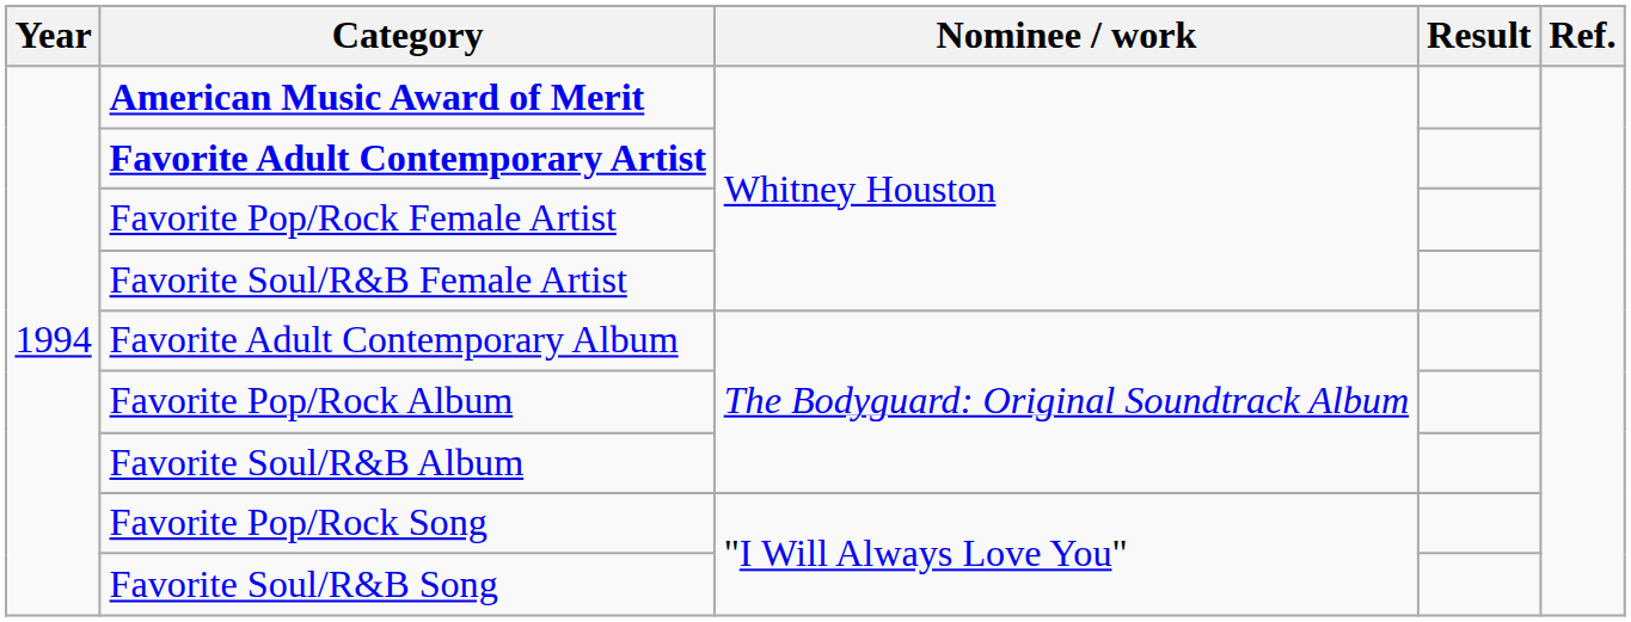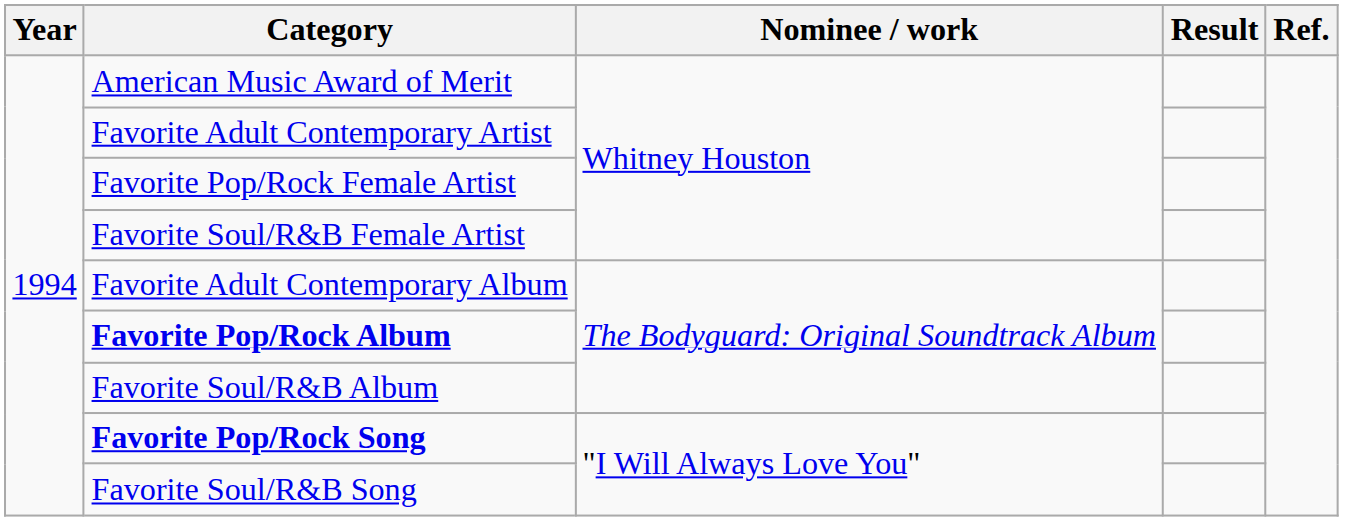 <table class="wikitable">
 <tr>
 <th>Year</th>
 <th>Category</th>
 <th>Nominee / work</th>
 <th>Result</th>
 <th>Ref.</th>
 </tr>
 <tr>
 <td rowspan="9"><a href='#'>1994</a></td>
-<td><strong><a href='#'>American Music Award of Merit</a></strong></td>
+<td><a href='#'>American Music Award of Merit</a></td>
 <td rowspan="4"><a href='#'>Whitney Houston</a></td>
 <td></td>
 <td rowspan="9" align="center"></td>
 </tr>
 <tr>
-<td><strong><a href='#'>Favorite Adult Contemporary Artist</a></strong></td>
+<td><a href='#'>Favorite Adult Contemporary Artist</a></td>
 <td></td>
 </tr>
 <tr>
 <td><a href='#'>Favorite Pop/Rock Female Artist</a></td>
 <td></td>
 </tr>
 <tr>
 <td><a href='#'>Favorite Soul/R&B Female Artist</a></td>
 <td></td>
 </tr>
 <tr>
 <td><a href='#'>Favorite Adult Contemporary Album</a></td>
 <td rowspan="3"><em><a href='#'>The Bodyguard: Original Soundtrack Album</a></em></td>
 <td></td>
 </tr>
 <tr>
-<td><a href='#'>Favorite Pop/Rock Album</a></td>
+<td><strong><a href='#'>Favorite Pop/Rock Album</a></strong></td>
 <td></td>
 </tr>
 <tr>
 <td><a href='#'>Favorite Soul/R&B Album</a></td>
 <td></td>
 </tr>
 <tr>
-<td><a href='#'>Favorite Pop/Rock Song</a></td>
+<td><strong><a href='#'>Favorite Pop/Rock Song</a></strong></td>
 <td rowspan="2">"<a href='#'>I Will Always Love You</a>"</td>
 <td></td>
 </tr>
 <tr>
 <td><a href='#'>Favorite Soul/R&B Song</a></td>
 <td></td>
 </tr>
 </table>
